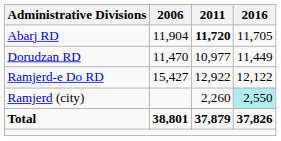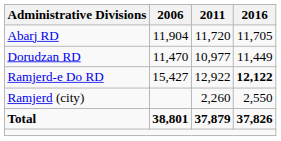 <table class="wikitable">
 <tr>
 <th>Administrative Divisions</th>
 <th>2006</th>
 <th>2011</th>
 <th>2016</th>
 </tr>
 <tr>
 <td><a href='#'>Abarj RD</a></td>
 <td style="text-align: right;">11,904</td>
-<td style="text-align: right;"><strong>11,720</strong></td>
+<td style="text-align: right;">11,720</td>
 <td style="text-align: right;">11,705</td>
 </tr>
 <tr>
 <td><a href='#'>Dorudzan RD</a></td>
 <td style="text-align: right;">11,470</td>
 <td style="text-align: right;">10,977</td>
 <td style="text-align: right;">11,449</td>
 </tr>
 <tr>
 <td><a href='#'>Ramjerd-e Do RD</a></td>
 <td style="text-align: right;">15,427</td>
 <td style="text-align: right;">12,922</td>
-<td style="text-align: right;">12,122</td>
+<td style="text-align: right;"><strong>12,122</strong></td>
 </tr>
 <tr>
 <td><a href='#'>Ramjerd</a> (city)</td>
 <td style="text-align: right;"></td>
 <td style="text-align: right;">2,260</td>
-<td style="background: paleturquoise; text-align: right;">2,550</td>
+<td style="text-align: right;">2,550</td>
 </tr>
 <tr>
 <td><strong>Total</strong></td>
 <td style="text-align: right;"><strong>38,801</strong></td>
 <td style="text-align: right;"><strong>37,879</strong></td>
 <td style="text-align: right;"><strong>37,826</strong></td>
 </tr>
 <tr>
 <td colspan=4></td>
 </tr>
 </table>
